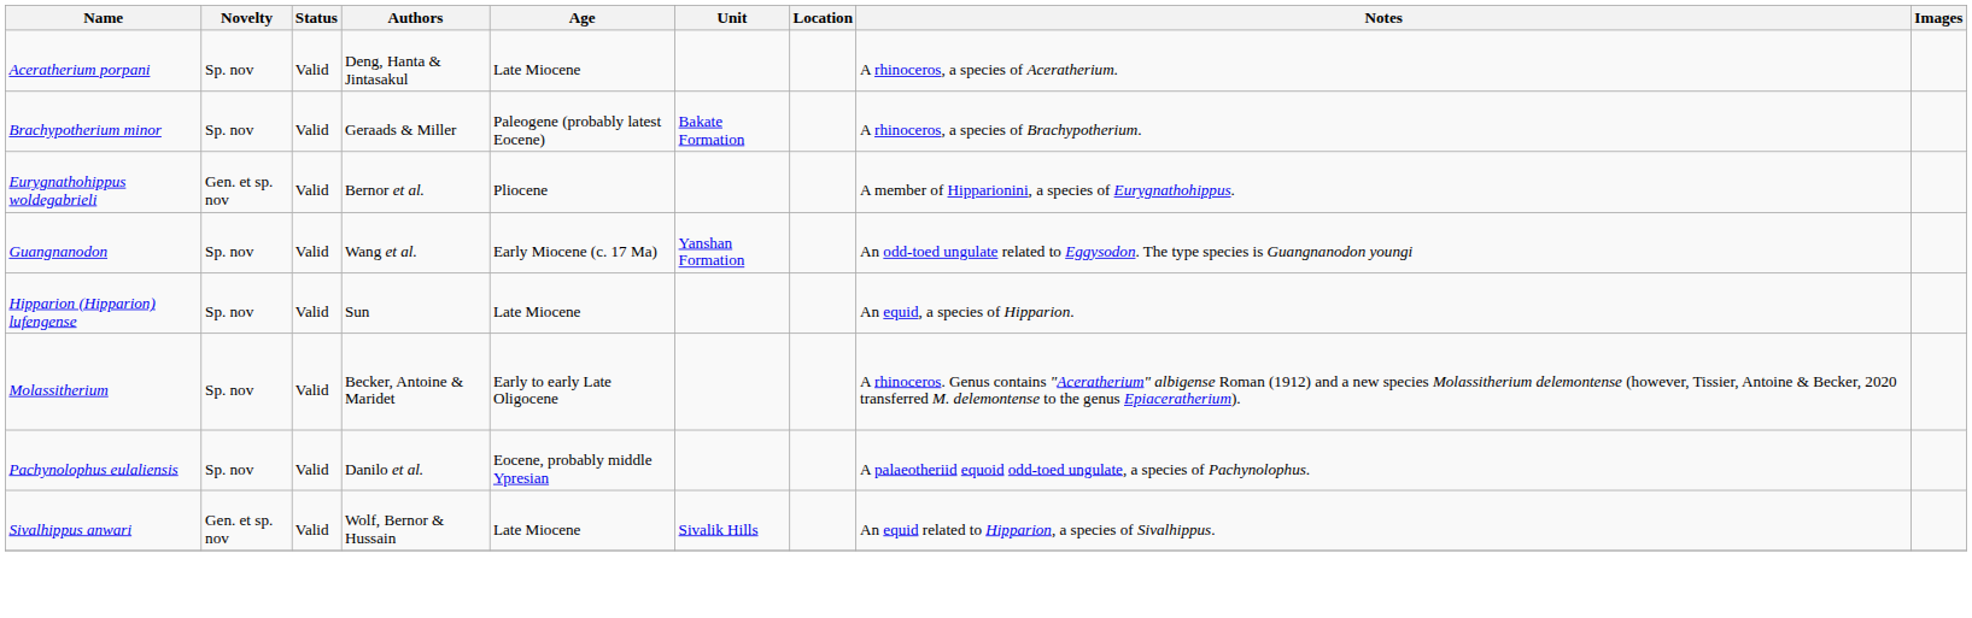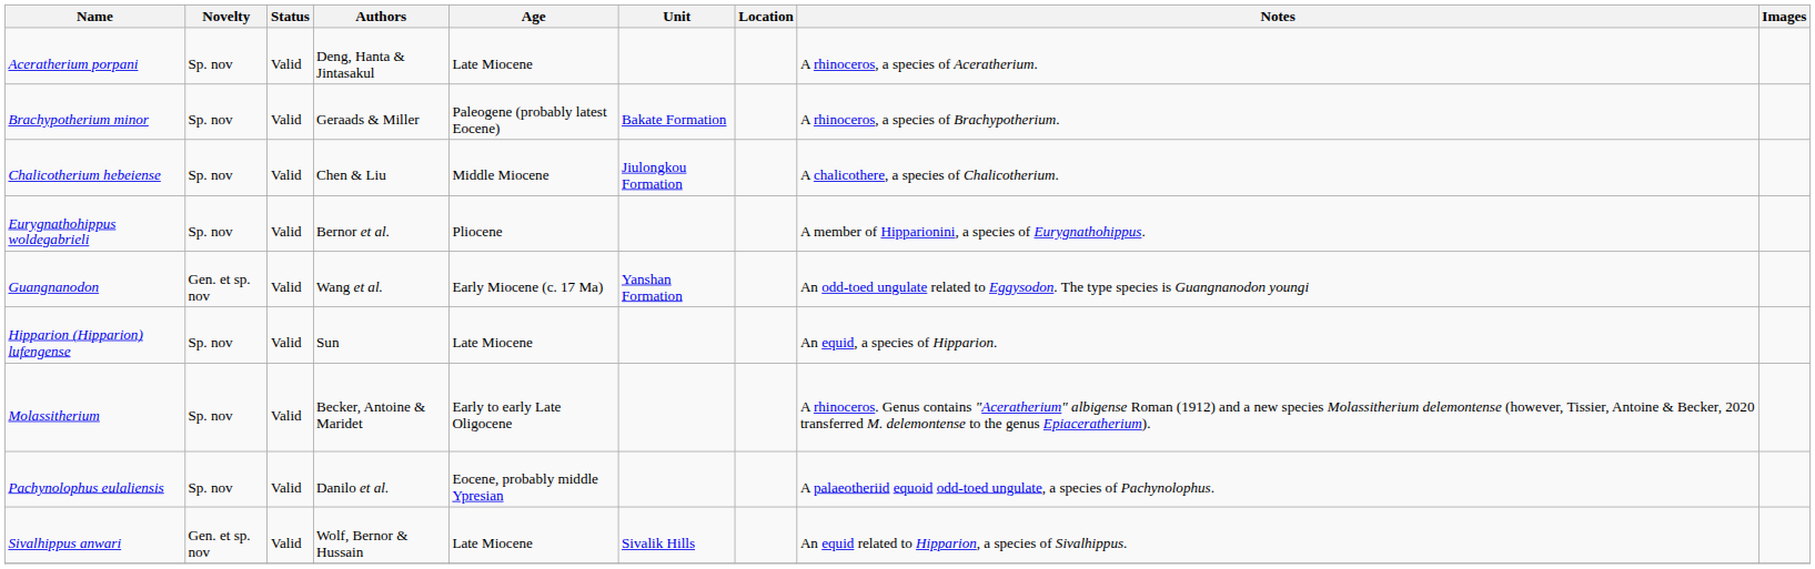 <table class="wikitable sortable" align="center" width="100%">
 <tr>
 <th>Name</th>
 <th>Novelty</th>
 <th>Status</th>
 <th>Authors</th>
 <th>Age</th>
 <th>Unit</th>
 <th>Location</th>
 <th>Notes</th>
 <th>Images</th>
 </tr>
 <tr>
 <td><br><em><a href='#'>Aceratherium porpani</a></em></td>
 <td><br>Sp. nov</td>
 <td><br>Valid</td>
 <td><br>Deng, Hanta & Jintasakul</td>
 <td><br>Late Miocene</td>
 <td></td>
 <td><br></td>
 <td><br>A <a href='#'>rhinoceros</a>, a species of <em>Aceratherium</em>.</td>
 <td></td>
 </tr>
 <tr>
 <td><br><em><a href='#'>Brachypotherium minor</a></em></td>
 <td><br>Sp. nov</td>
 <td><br>Valid</td>
 <td><br>Geraads & Miller</td>
 <td><br>Paleogene (probably latest Eocene)</td>
 <td><br><a href='#'>Bakate Formation</a></td>
 <td><br></td>
 <td><br>A <a href='#'>rhinoceros</a>, a species of <em>Brachypotherium</em>.</td>
 <td></td>
 </tr>
 <tr>
+<td><br><em><a href='#'>Chalicotherium hebeiense</a></em></td>
+<td><br>Sp. nov</td>
+<td><br>Valid</td>
+<td><br>Chen & Liu</td>
+<td><br>Middle Miocene</td>
+<td><br><a href='#'>Jiulongkou Formation</a></td>
+<td><br></td>
+<td><br>A <a href='#'>chalicothere</a>, a species of <em>Chalicotherium</em>.</td>
+<td></td>
+</tr>
+<tr>
 <td><br><em><a href='#'>Eurygnathohippus woldegabrieli</a></em></td>
-<td><br>Gen. et sp. nov</td>
+<td><br>Sp. nov</td>
 <td><br>Valid</td>
 <td><br>Bernor <em>et al.</em></td>
 <td><br>Pliocene</td>
 <td></td>
 <td><br></td>
 <td><br>A member of <a href='#'>Hipparionini</a>, a species of <em><a href='#'>Eurygnathohippus</a></em>.</td>
 <td></td>
 </tr>
 <tr>
 <td><br><em><a href='#'>Guangnanodon</a></em></td>
-<td><br>Sp. nov</td>
+<td><br>Gen. et sp. nov</td>
 <td><br>Valid</td>
 <td><br>Wang <em>et al.</em></td>
 <td><br>Early Miocene (c. 17 Ma)</td>
 <td><br><a href='#'>Yanshan Formation</a></td>
 <td><br></td>
 <td><br>An <a href='#'>odd-toed ungulate</a> related to <em><a href='#'>Eggysodon</a></em>. The type species is <em>Guangnanodon youngi</em></td>
 <td></td>
 </tr>
 <tr>
 <td><br><em><a href='#'>Hipparion (Hipparion) lufengense</a></em></td>
 <td><br>Sp. nov</td>
 <td><br>Valid</td>
 <td><br>Sun</td>
 <td><br>Late Miocene</td>
 <td></td>
 <td><br></td>
 <td><br>An <a href='#'>equid</a>, a species of <em>Hipparion</em>.</td>
 <td></td>
 </tr>
 <tr>
 <td><br><em><a href='#'>Molassitherium</a></em></td>
 <td><br>Sp. nov</td>
 <td><br>Valid</td>
 <td><br>Becker, Antoine & Maridet</td>
 <td><br>Early to early Late Oligocene</td>
 <td></td>
 <td><br><br> <br> <br> <br> </td>
 <td><br>A <a href='#'>rhinoceros</a>. Genus contains <em>"<a href='#'>Aceratherium</a>" albigense</em> Roman (1912) and a new species <em>Molassitherium delemontense</em> (however, Tissier, Antoine & Becker, 2020 transferred <em>M. delemontense</em> to the genus <em><a href='#'>Epiaceratherium</a></em>).</td>
 <td></td>
 </tr>
 <tr>
 <td><br><em><a href='#'>Pachynolophus eulaliensis</a></em></td>
 <td><br>Sp. nov</td>
 <td><br>Valid</td>
 <td><br>Danilo <em>et al.</em></td>
 <td><br>Eocene, probably middle <a href='#'>Ypresian</a></td>
 <td></td>
 <td><br></td>
 <td><br>A <a href='#'>palaeotheriid</a> <a href='#'>equoid</a> <a href='#'>odd-toed ungulate</a>, a species of <em>Pachynolophus</em>.</td>
 <td></td>
 </tr>
 <tr>
 <td><br><em><a href='#'>Sivalhippus anwari</a></em></td>
 <td><br>Gen. et sp. nov</td>
 <td><br>Valid</td>
 <td><br>Wolf, Bernor & Hussain</td>
 <td><br>Late Miocene</td>
 <td><br><a href='#'>Sivalik Hills</a></td>
 <td><br></td>
 <td><br>An <a href='#'>equid</a> related to <em><a href='#'>Hipparion</a></em>, a species of <em>Sivalhippus</em>.</td>
 <td></td>
 </tr>
 <tr>
 </tr>
 </table>
